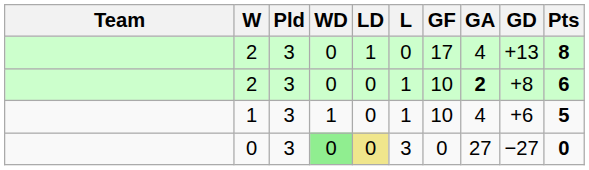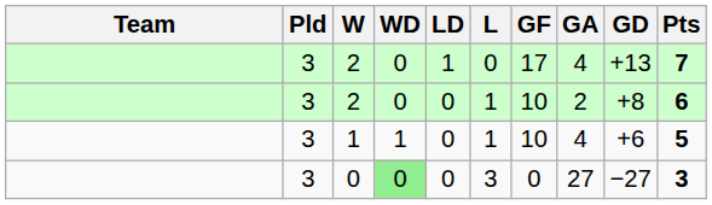 <table class="wikitable" style="text-align:center">
 <tr>
 <th width=175>Team</th>
+<th width=20>Pld</th>
 <th width=20>W</th>
-<th width=20>Pld</th>
 <th width=20>WD</th>
 <th width=20>LD</th>
 <th width=20>L</th>
 <th width=20>GF</th>
 <th width=20>GA</th>
 <th width=20>GD</th>
 <th width=20>Pts</th>
 </tr>
 <tr bgcolor=ccffcc>
 <td align=left></td>
+<td>3</td>
 <td>2</td>
-<td>3</td>
 <td>0</td>
 <td>1</td>
 <td>0</td>
 <td>17</td>
 <td>4</td>
 <td>+13</td>
-<td><strong>8</strong></td>
+<td><strong>7</strong></td>
 </tr>
 <tr bgcolor=ccffcc>
 <td align=left></td>
+<td>3</td>
 <td>2</td>
-<td>3</td>
 <td>0</td>
 <td>0</td>
 <td>1</td>
 <td>10</td>
-<td><strong>2</strong></td>
+<td>2</td>
 <td>+8</td>
 <td><strong>6</strong></td>
 </tr>
 <tr>
 <td align=left></td>
+<td>3</td>
 <td>1</td>
-<td>3</td>
 <td>1</td>
 <td>0</td>
 <td>1</td>
 <td>10</td>
 <td>4</td>
 <td>+6</td>
 <td><strong>5</strong></td>
 </tr>
 <tr>
 <td align=left></td>
+<td>3</td>
 <td>0</td>
-<td>3</td>
 <td style="background: lightgreen;">0</td>
-<td style="background: khaki;">0</td>
+<td>0</td>
 <td>3</td>
 <td>0</td>
 <td>27</td>
 <td>−27</td>
-<td><strong>0</strong></td>
+<td><strong>3</strong></td>
 </tr>
 </table>
